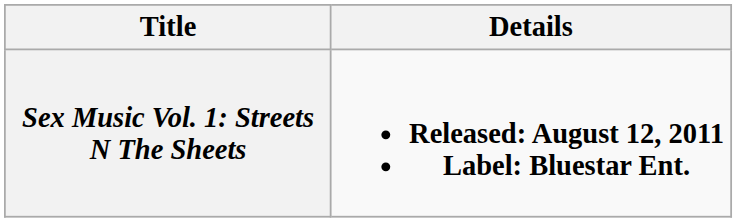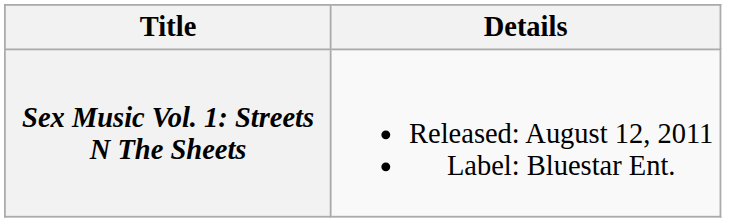 <table class="wikitable plainrowheaders" style="text-align:center;">
 <tr>
 <th scope="col" style="width:11em;">Title</th>
 <th scope="col">Details</th>
 </tr>
 <tr>
 <th scope="row"><em>Sex Music Vol. 1: Streets N The Sheets</em></th>
-<td><strong><br><ul><li>Released: August 12, 2011</li><li>Label: Bluestar Ent.</li></ul></strong></td>
+<td><br><ul><li>Released: August 12, 2011</li><li>Label: Bluestar Ent.</li></ul></td>
 </tr>
 </table>
